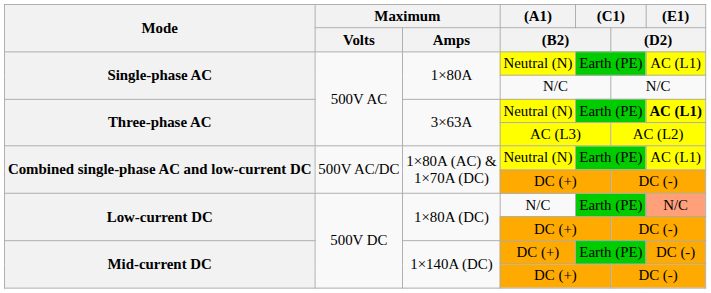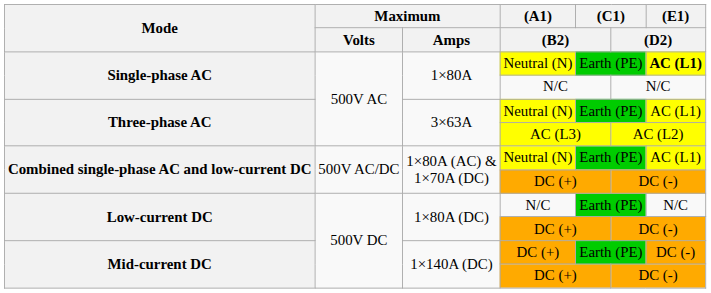 <table class=wikitable style="font-size:100%;text-align:center;">
 <tr>
 <th rowspan=2>Mode</th>
 <th colspan=2>Maximum</th>
 <th>(A1)</th>
 <th colspan=2>(C1)</th>
 <th>(E1)</th>
 </tr>
 <tr>
 <th>Volts</th>
 <th>Amps</th>
 <th colspan=2>(B2)</th>
 <th colspan=2>(D2)</th>
 </tr>
 <tr>
 <th rowspan=2>Single-phase AC</th>
 <td rowspan=4>500V AC</td>
 <td rowspan=2>1×80A</td>
 <td style="background:#ff0;">Neutral (N)</td>
 <td colspan=2 style="background:#0c0;">Earth (PE)</td>
-<td style="background:#ff0;">AC (L1)</td>
+<td style="background:#ff0;"><strong>AC (L1)</strong></td>
 </tr>
 <tr>
 <td colspan=2>N/C</td>
 <td colspan=2>N/C</td>
 </tr>
 <tr>
 <th rowspan=2>Three-phase AC</th>
 <td rowspan=2>3×63A</td>
 <td style="background:#ff0;">Neutral (N)</td>
 <td colspan=2 style="background:#0c0;">Earth (PE)</td>
-<td style="background:#ff0;"><strong>AC (L1)</strong></td>
+<td style="background:#ff0;">AC (L1)</td>
 </tr>
 <tr>
 <td colspan=2 style="background:#ff0;">AC (L3)</td>
 <td colspan=2 style="background:#ff0;">AC (L2)</td>
 </tr>
 <tr>
 <th rowspan=2>Combined single-phase AC and low-current DC</th>
 <td rowspan=2>500V AC/DC</td>
 <td rowspan=2>1×80A (AC) &<br>1×70A (DC)</td>
 <td style="background:#ff0;">Neutral (N)</td>
 <td colspan=2 style="background:#0c0;">Earth (PE)</td>
 <td style="background:#ff0;">AC (L1)</td>
 </tr>
 <tr>
 <td colspan=2 style="background:#fa0;">DC (+)</td>
 <td colspan=2 style="background:#fa0;">DC (-)</td>
 </tr>
 <tr>
 <th rowspan=2>Low-current DC</th>
 <td rowspan=4>500V DC</td>
 <td rowspan=2>1×80A (DC)</td>
 <td>N/C</td>
 <td colspan=2 style="background:#0c0;">Earth (PE)</td>
-<td style="background: lightsalmon;">N/C</td>
+<td>N/C</td>
 </tr>
 <tr>
 <td colspan=2 style="background:#fa0;">DC (+)</td>
 <td colspan=2 style="background:#fa0;">DC (-)</td>
 </tr>
 <tr>
 <th rowspan=2>Mid-current DC</th>
 <td rowspan=2>1×140A (DC)</td>
 <td style="background:#fa0;">DC (+)</td>
 <td colspan=2 style="background:#0c0;">Earth (PE)</td>
 <td style="background:#fa0;">DC (-)</td>
 </tr>
 <tr>
 <td colspan=2 style="background:#fa0;">DC (+)</td>
 <td colspan=2 style="background:#fa0;">DC (-)</td>
 </tr>
 </table>
